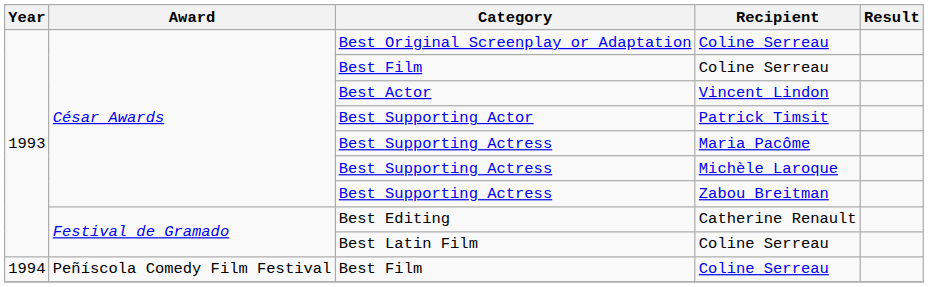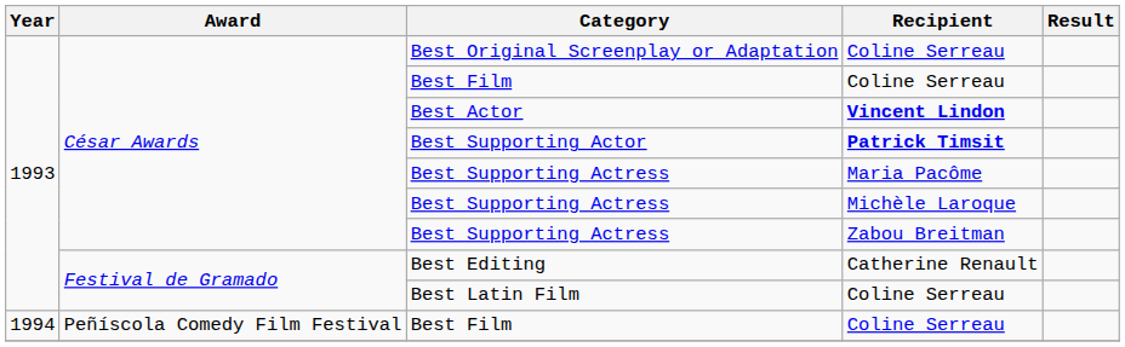 <table class="wikitable sortable">
 <tr>
 <th>Year</th>
 <th>Award</th>
 <th>Category</th>
 <th>Recipient</th>
 <th>Result</th>
 </tr>
 <tr>
 <td rowspan=9>1993</td>
 <td rowspan=7><em><a href='#'>César Awards</a></em></td>
 <td><a href='#'>Best Original Screenplay or Adaptation</a></td>
 <td><a href='#'>Coline Serreau</a></td>
 <td></td>
 </tr>
 <tr>
 <td><a href='#'>Best Film</a></td>
 <td>Coline Serreau</td>
 <td></td>
 </tr>
 <tr>
 <td><a href='#'>Best Actor</a></td>
-<td><a href='#'>Vincent Lindon</a></td>
+<td><strong><a href='#'>Vincent Lindon</a></strong></td>
 <td></td>
 </tr>
 <tr>
 <td><a href='#'>Best Supporting Actor</a></td>
-<td><a href='#'>Patrick Timsit</a></td>
+<td><strong><a href='#'>Patrick Timsit</a></strong></td>
 <td></td>
 </tr>
 <tr>
 <td><a href='#'>Best Supporting Actress</a></td>
 <td><a href='#'>Maria Pacôme</a></td>
 <td></td>
 </tr>
 <tr>
 <td><a href='#'>Best Supporting Actress</a></td>
 <td><a href='#'>Michèle Laroque</a></td>
 <td></td>
 </tr>
 <tr>
 <td><a href='#'>Best Supporting Actress</a></td>
 <td><a href='#'>Zabou Breitman</a></td>
 <td></td>
 </tr>
 <tr>
 <td rowspan=2><em><a href='#'>Festival de Gramado</a></em></td>
 <td>Best Editing</td>
 <td>Catherine Renault</td>
 <td></td>
 </tr>
 <tr>
 <td>Best Latin Film</td>
 <td>Coline Serreau</td>
 <td></td>
 </tr>
 <tr>
 <td>1994</td>
 <td>Peñíscola Comedy Film Festival</td>
 <td>Best Film</td>
 <td><a href='#'>Coline Serreau</a></td>
 <td></td>
 </tr>
 <tr>
 </tr>
 </table>
